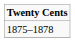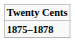 <table class="wikitable">
 <tr>
 <td><strong>Twenty Cents </strong></td>
 </tr>
 <tr>
-<td>1875–1878</td>
+<td><strong>1875–1878</strong></td>
 </tr>
 <tr>
 </tr>
 </table>
